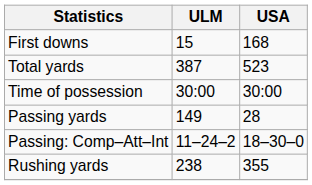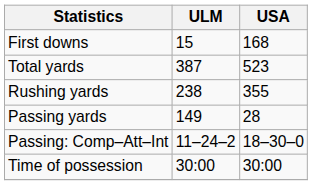 <table class="wikitable" style="float: left;">
 <tr>
 <th>Statistics</th>
 <th>ULM</th>
 <th>USA</th>
 </tr>
 <tr>
 <td>First downs</td>
 <td>15</td>
 <td>168</td>
 </tr>
 <tr>
 <td>Total yards</td>
 <td>387</td>
 <td>523</td>
 </tr>
 <tr>
-<td>Time of possession</td>
-<td>30:00</td>
-<td>30:00</td>
+<td>Rushing yards</td>
+<td>238</td>
+<td>355</td>
 </tr>
 <tr>
 <td>Passing yards</td>
 <td>149</td>
 <td>28</td>
 </tr>
 <tr>
 <td>Passing: Comp–Att–Int</td>
 <td>11–24–2</td>
 <td>18–30–0</td>
 </tr>
 <tr>
-<td>Rushing yards</td>
-<td>238</td>
-<td>355</td>
+<td>Time of possession</td>
+<td>30:00</td>
+<td>30:00</td>
 </tr>
 <tr>
 </tr>
 </table>
